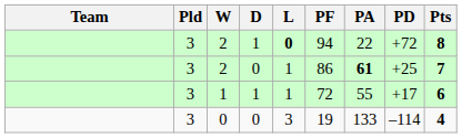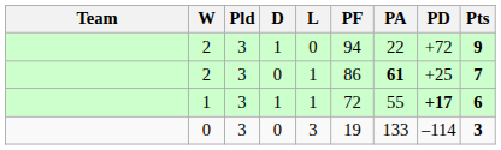 <table class="wikitable" style="text-align:center;">
 <tr>
 <th width="160">Team</th>
+<th width="25" abbr="Won">W</th>
 <th width="25" abbr="Played">Pld</th>
-<th width="25" abbr="Won">W</th>
 <th width="25" abbr="Drawn">D</th>
 <th width="25" abbr="Lost">L</th>
 <th width="32" abbr="Points for">PF</th>
 <th width="32" abbr="Points against">PA</th>
 <th width="32" abbr="Points difference">PD</th>
 <th width="25" abbr="Points">Pts</th>
 </tr>
 <tr bgcolor="ccffcc">
 <td align="left"></td>
+<td>2</td>
 <td>3</td>
-<td>2</td>
 <td>1</td>
-<td><strong>0</strong></td>
+<td>0</td>
 <td>94</td>
 <td>22</td>
 <td>+72</td>
-<td><strong>8</strong></td>
+<td><strong>9</strong></td>
 </tr>
 <tr bgcolor="ccffcc">
 <td align="left"></td>
+<td>2</td>
 <td>3</td>
-<td>2</td>
 <td>0</td>
 <td>1</td>
 <td>86</td>
 <td><strong>61</strong></td>
 <td>+25</td>
 <td><strong>7</strong></td>
 </tr>
 <tr bgcolor="ccffcc">
 <td align="left"></td>
+<td>1</td>
 <td>3</td>
-<td>1</td>
 <td>1</td>
 <td>1</td>
 <td>72</td>
 <td>55</td>
-<td>+17</td>
+<td><strong>+17</strong></td>
 <td><strong>6</strong></td>
 </tr>
 <tr>
 <td align="left"></td>
+<td>0</td>
 <td>3</td>
-<td>0</td>
 <td>0</td>
 <td>3</td>
 <td>19</td>
 <td>133</td>
 <td>–114</td>
-<td><strong>4</strong></td>
+<td><strong>3</strong></td>
 </tr>
 </table>
